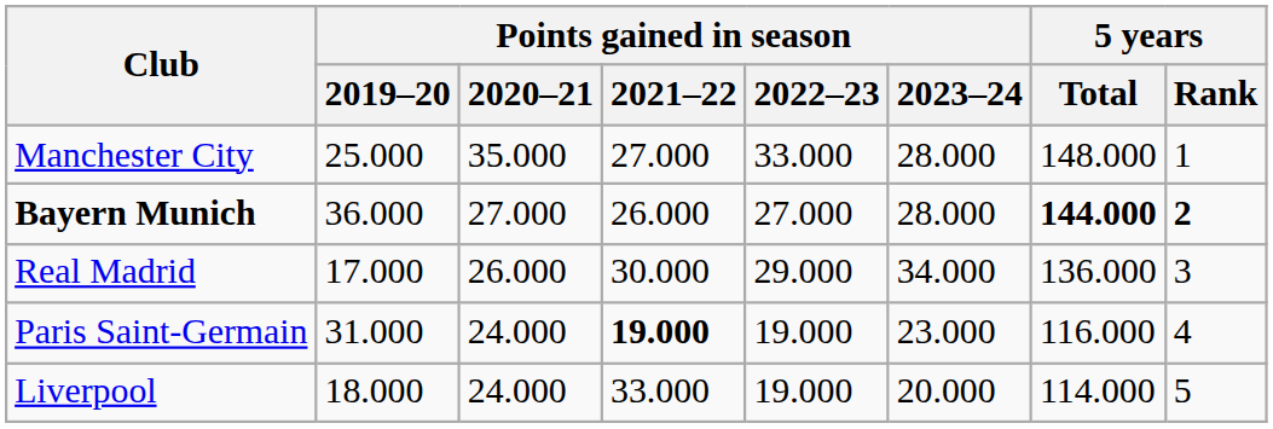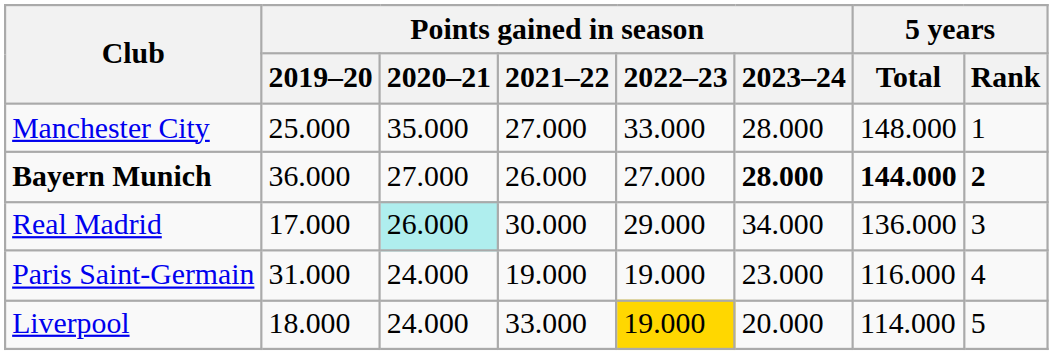 <table class="wikitable sortable" style=" font-size:85%">
 <tr>
 <th scope="col" rowspan="2">Club</th>
 <th scope="col" colspan=5>Points gained in season</th>
 <th scope="col" colspan=2>5 years</th>
 </tr>
 <tr>
 <th>2019–20</th>
 <th>2020–21</th>
 <th>2021–22</th>
 <th>2022–23</th>
 <th>2023–24</th>
 <th>Total</th>
 <th>Rank</th>
 </tr>
 <tr>
 <td scope="row"> <a href='#'>Manchester City</a></td>
 <td>25.000</td>
 <td>35.000</td>
 <td>27.000</td>
 <td>33.000</td>
 <td>28.000</td>
 <td>148.000</td>
 <td>1</td>
 </tr>
 <tr>
 <td scope="row"> <strong>Bayern Munich</strong></td>
 <td>36.000</td>
 <td>27.000</td>
 <td>26.000</td>
 <td>27.000</td>
-<td>28.000</td>
+<td><strong>28.000</strong></td>
 <td><strong>144.000</strong></td>
 <td><strong>2</strong></td>
 </tr>
 <tr>
 <td scope="row"> <a href='#'>Real Madrid</a></td>
 <td>17.000</td>
-<td>26.000</td>
+<td style="background: paleturquoise;">26.000</td>
 <td>30.000</td>
 <td>29.000</td>
 <td>34.000</td>
 <td>136.000</td>
 <td>3</td>
 </tr>
 <tr>
 <td scope="row"> <a href='#'>Paris Saint-Germain</a></td>
 <td>31.000</td>
 <td>24.000</td>
-<td><strong>19.000</strong></td>
+<td>19.000</td>
 <td>19.000</td>
 <td>23.000</td>
 <td>116.000</td>
 <td>4</td>
 </tr>
 <tr>
 <td scope="row"> <a href='#'>Liverpool</a></td>
 <td>18.000</td>
 <td>24.000</td>
 <td>33.000</td>
-<td>19.000</td>
+<td style="background: gold;">19.000</td>
 <td>20.000</td>
 <td>114.000</td>
 <td>5</td>
 </tr>
 </table>
